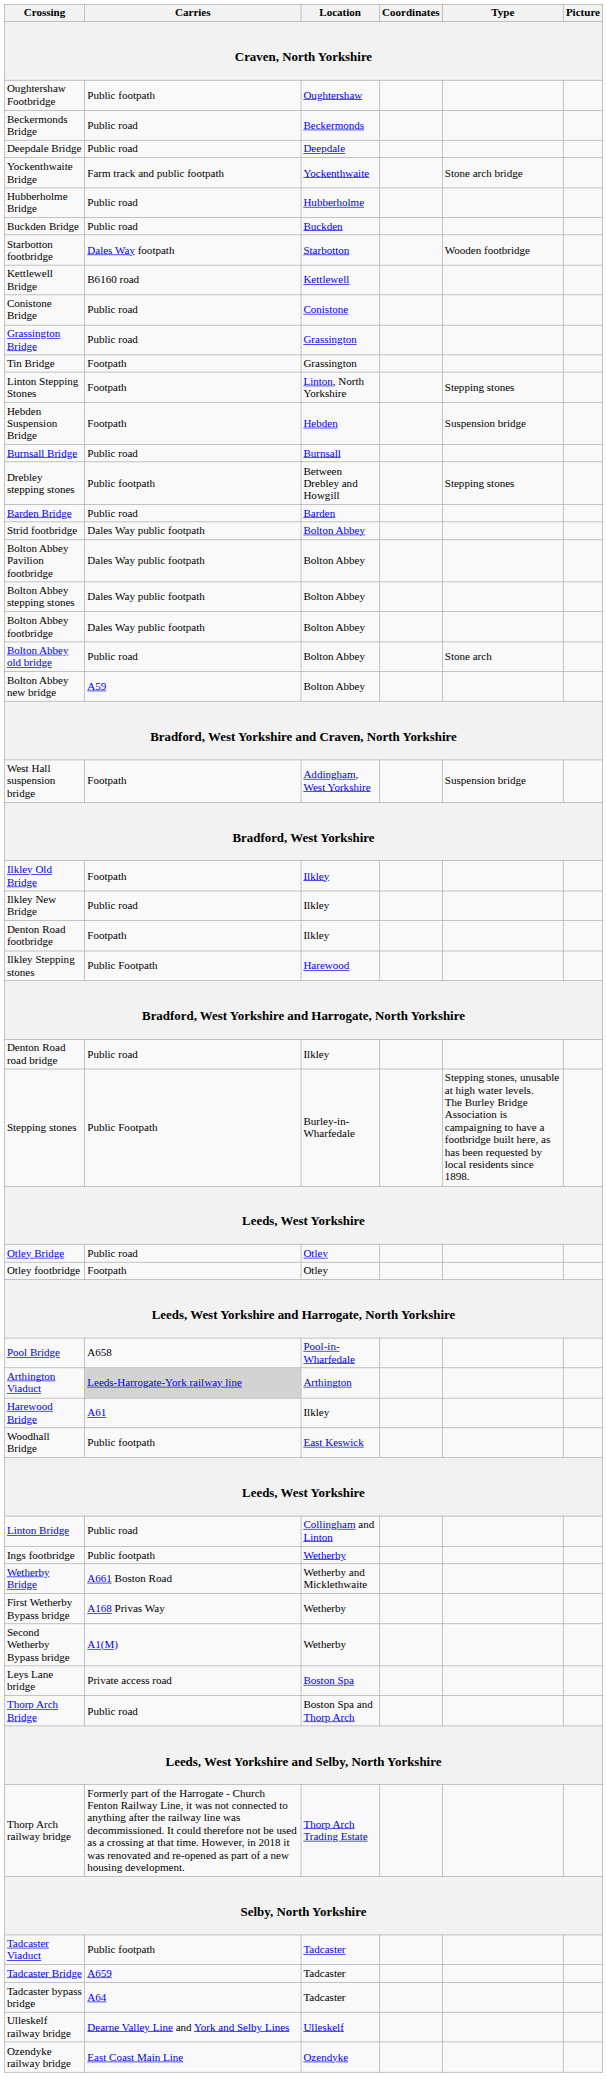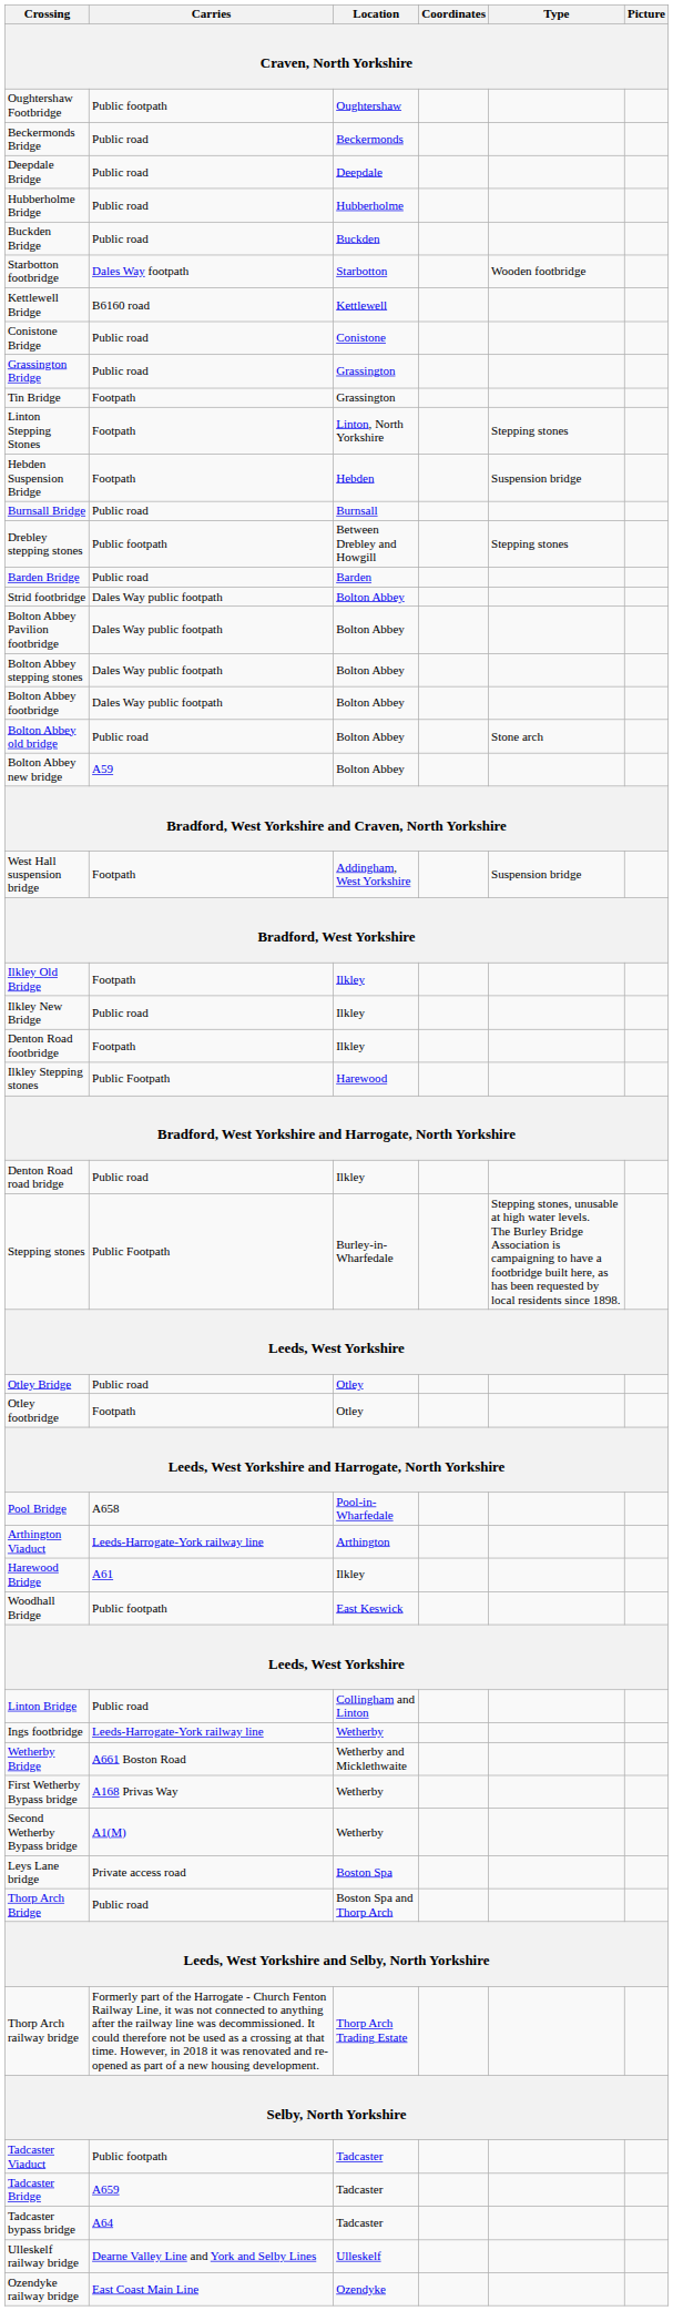 <table class=wikitable>
 <tr>
 <th>Crossing</th>
 <th>Carries</th>
 <th>Location</th>
 <th>Coordinates</th>
 <th>Type</th>
 <th>Picture</th>
 </tr>
 <tr>
 <th colspan=6><br><h3>Craven, North Yorkshire</h3></th>
 </tr>
 <tr>
 <td>Oughtershaw Footbridge</td>
 <td>Public footpath</td>
 <td><a href='#'>Oughtershaw</a></td>
 <td></td>
 <td></td>
 <td></td>
 </tr>
 <tr>
 <td>Beckermonds Bridge</td>
 <td>Public road</td>
 <td><a href='#'>Beckermonds</a></td>
 <td></td>
 <td></td>
 <td></td>
 </tr>
 <tr>
 <td>Deepdale Bridge</td>
 <td>Public road</td>
 <td><a href='#'>Deepdale</a></td>
 <td></td>
 <td></td>
-<td></td>
-</tr>
-<tr>
-<td>Yockenthwaite Bridge</td>
-<td>Farm track and public footpath</td>
-<td><a href='#'>Yockenthwaite</a></td>
-<td></td>
-<td>Stone arch bridge</td>
 <td></td>
 </tr>
 <tr>
 <td>Hubberholme Bridge</td>
 <td>Public road</td>
 <td><a href='#'>Hubberholme</a></td>
 <td></td>
 <td></td>
 <td></td>
 </tr>
 <tr>
 <td>Buckden Bridge</td>
 <td>Public road</td>
 <td><a href='#'>Buckden</a></td>
 <td></td>
 <td></td>
 <td></td>
 </tr>
 <tr>
 <td>Starbotton footbridge</td>
 <td><a href='#'>Dales Way</a> footpath</td>
 <td><a href='#'>Starbotton</a></td>
 <td></td>
 <td>Wooden footbridge</td>
 <td></td>
 </tr>
 <tr>
 <td>Kettlewell Bridge</td>
 <td>B6160 road</td>
 <td><a href='#'>Kettlewell</a></td>
 <td></td>
 <td></td>
 <td></td>
 </tr>
 <tr>
 <td>Conistone Bridge</td>
 <td>Public road</td>
 <td><a href='#'>Conistone</a></td>
 <td></td>
 <td></td>
 <td></td>
 </tr>
 <tr>
 <td><a href='#'>Grassington Bridge</a></td>
 <td>Public road</td>
 <td><a href='#'>Grassington</a></td>
 <td></td>
 <td></td>
 <td></td>
 </tr>
 <tr>
 <td>Tin Bridge</td>
 <td>Footpath</td>
 <td>Grassington</td>
 <td></td>
 <td></td>
 <td></td>
 </tr>
 <tr>
 <td>Linton Stepping Stones</td>
 <td>Footpath</td>
 <td><a href='#'>Linton</a>, North Yorkshire</td>
 <td></td>
 <td>Stepping stones</td>
 <td></td>
 </tr>
 <tr>
 <td>Hebden Suspension Bridge</td>
 <td>Footpath</td>
 <td><a href='#'>Hebden</a></td>
 <td></td>
 <td>Suspension bridge</td>
 <td></td>
 </tr>
 <tr>
 <td><a href='#'>Burnsall Bridge</a></td>
 <td>Public road</td>
 <td><a href='#'>Burnsall</a></td>
 <td></td>
 <td></td>
 <td></td>
 </tr>
 <tr>
 <td>Drebley stepping stones</td>
 <td>Public footpath</td>
 <td>Between Drebley and Howgill</td>
 <td></td>
 <td>Stepping stones</td>
 <td></td>
 </tr>
 <tr>
 <td><a href='#'>Barden Bridge</a></td>
 <td>Public road</td>
 <td><a href='#'>Barden</a></td>
 <td></td>
 <td></td>
 <td></td>
 </tr>
 <tr>
 <td>Strid footbridge</td>
 <td>Dales Way public footpath</td>
 <td><a href='#'>Bolton Abbey</a></td>
 <td></td>
 <td></td>
 <td></td>
 </tr>
 <tr>
 <td>Bolton Abbey Pavilion footbridge</td>
 <td>Dales Way public footpath</td>
 <td>Bolton Abbey</td>
 <td></td>
 <td></td>
 <td></td>
 </tr>
 <tr>
 <td>Bolton Abbey stepping stones</td>
 <td>Dales Way public footpath</td>
 <td>Bolton Abbey</td>
 <td></td>
 <td></td>
 <td></td>
 </tr>
 <tr>
 <td>Bolton Abbey footbridge</td>
 <td>Dales Way public footpath</td>
 <td>Bolton Abbey</td>
 <td></td>
 <td></td>
 <td></td>
 </tr>
 <tr>
 <td><a href='#'>Bolton Abbey old bridge</a></td>
 <td>Public road</td>
 <td>Bolton Abbey</td>
 <td></td>
 <td>Stone arch</td>
 <td></td>
 </tr>
 <tr>
 <td>Bolton Abbey new bridge</td>
 <td><a href='#'>A59</a></td>
 <td>Bolton Abbey</td>
 <td></td>
 <td></td>
 <td></td>
 </tr>
 <tr>
 <th colspan=6><br><h3>Bradford, West Yorkshire and Craven, North Yorkshire</h3></th>
 </tr>
 <tr>
 <td>West Hall suspension bridge</td>
 <td>Footpath</td>
 <td><a href='#'>Addingham</a>, <a href='#'>West Yorkshire</a></td>
 <td></td>
 <td>Suspension bridge</td>
 <td></td>
 </tr>
 <tr>
 <th colspan=6><br><h3>Bradford, West Yorkshire</h3></th>
 </tr>
 <tr>
 <td><a href='#'>Ilkley Old Bridge</a></td>
 <td>Footpath</td>
 <td><a href='#'>Ilkley</a></td>
 <td></td>
 <td></td>
 <td></td>
 </tr>
 <tr>
 <td>Ilkley New Bridge</td>
 <td>Public road</td>
 <td>Ilkley</td>
 <td></td>
 <td></td>
 <td></td>
 </tr>
 <tr>
 <td>Denton Road footbridge</td>
 <td>Footpath</td>
 <td>Ilkley</td>
 <td></td>
 <td></td>
 <td></td>
 </tr>
 <tr>
 <td>Ilkley Stepping stones</td>
 <td>Public Footpath</td>
 <td><a href='#'>Harewood</a></td>
 <td></td>
 <td></td>
 <td></td>
 </tr>
 <tr>
 <th colspan=6><br><h3>Bradford, West Yorkshire and Harrogate, North Yorkshire</h3></th>
 </tr>
 <tr>
 <td>Denton Road road bridge</td>
 <td>Public road</td>
 <td>Ilkley</td>
 <td></td>
 <td></td>
 <td></td>
 </tr>
 <tr>
 <td>Stepping stones</td>
 <td>Public Footpath</td>
 <td>Burley-in-Wharfedale</td>
 <td></td>
 <td>Stepping stones, unusable at high water levels. <br>The Burley Bridge Association is campaigning to have a footbridge built here, as has been requested by local residents since 1898.</td>
 <td></td>
 </tr>
 <tr>
 <th colspan=6><br><h3>Leeds, West Yorkshire</h3></th>
 </tr>
 <tr>
 <td><a href='#'>Otley Bridge</a></td>
 <td>Public road</td>
 <td><a href='#'>Otley</a></td>
 <td></td>
 <td></td>
 <td></td>
 </tr>
 <tr>
 <td>Otley footbridge</td>
 <td>Footpath</td>
 <td>Otley</td>
 <td></td>
 <td></td>
 <td></td>
 </tr>
 <tr>
 <th colspan=6><br><h3>Leeds, West Yorkshire and Harrogate, North Yorkshire</h3></th>
 </tr>
 <tr>
 <td><a href='#'>Pool Bridge</a></td>
 <td>A658</td>
 <td><a href='#'>Pool-in-Wharfedale</a></td>
 <td></td>
 <td></td>
 <td></td>
 </tr>
 <tr>
 <td><a href='#'>Arthington Viaduct</a></td>
-<td style="background: lightgrey;"><a href='#'>Leeds-Harrogate-York railway line</a></td>
+<td><a href='#'>Leeds-Harrogate-York railway line</a></td>
 <td><a href='#'>Arthington</a></td>
 <td></td>
 <td></td>
 <td></td>
 </tr>
 <tr>
 <td><a href='#'>Harewood Bridge</a></td>
 <td><a href='#'>A61</a></td>
 <td>Ilkley</td>
 <td></td>
 <td></td>
 <td></td>
 </tr>
 <tr>
 <td>Woodhall Bridge</td>
 <td>Public footpath</td>
 <td><a href='#'>East Keswick</a></td>
 <td></td>
 <td></td>
 <td></td>
 </tr>
 <tr>
 <th colspan=6><br><h3>Leeds, West Yorkshire</h3></th>
 </tr>
 <tr>
 <td><a href='#'>Linton Bridge</a></td>
 <td>Public road</td>
 <td><a href='#'>Collingham</a> and <a href='#'>Linton</a></td>
 <td></td>
 <td></td>
 <td></td>
 </tr>
 <tr>
 <td>Ings footbridge</td>
-<td>Public footpath</td>
+<td><a href='#'>Leeds-Harrogate-York railway line</a></td>
 <td><a href='#'>Wetherby</a></td>
 <td></td>
 <td></td>
 <td></td>
 </tr>
 <tr>
 <td><a href='#'>Wetherby Bridge</a></td>
 <td><a href='#'>A661</a> Boston Road</td>
 <td>Wetherby and Micklethwaite</td>
 <td></td>
 <td></td>
 <td></td>
 </tr>
 <tr>
 <td>First Wetherby Bypass bridge</td>
 <td><a href='#'>A168</a> Privas Way</td>
 <td>Wetherby</td>
 <td></td>
 <td></td>
 <td></td>
 </tr>
 <tr>
 <td>Second Wetherby Bypass bridge</td>
 <td><a href='#'>A1(M)</a></td>
 <td>Wetherby</td>
 <td></td>
 <td></td>
 <td></td>
 </tr>
 <tr>
 <td>Leys Lane bridge</td>
 <td>Private access road</td>
 <td><a href='#'>Boston Spa</a></td>
 <td></td>
 <td></td>
 <td></td>
 </tr>
 <tr>
 <td><a href='#'>Thorp Arch Bridge</a></td>
 <td>Public road</td>
 <td>Boston Spa and <a href='#'>Thorp Arch</a></td>
 <td></td>
 <td></td>
 <td></td>
 </tr>
 <tr>
 <th colspan=6><br><h3>Leeds, West Yorkshire and Selby, North Yorkshire</h3></th>
 </tr>
 <tr>
 <td>Thorp Arch railway bridge</td>
 <td>Formerly part of the Harrogate - Church Fenton Railway Line, it was not connected to anything after the railway line was decommissioned. It could therefore not be used as a crossing at that time. However, in 2018 it was renovated and re-opened as part of a new housing development.</td>
 <td><a href='#'>Thorp Arch Trading Estate</a></td>
 <td></td>
 <td></td>
 <td></td>
 </tr>
 <tr>
 <th colspan=6><br><h3>Selby, North Yorkshire</h3></th>
 </tr>
 <tr>
 <td><a href='#'>Tadcaster Viaduct</a></td>
 <td>Public footpath</td>
 <td><a href='#'>Tadcaster</a></td>
 <td></td>
 <td></td>
 <td></td>
 </tr>
 <tr>
 <td><a href='#'>Tadcaster Bridge</a></td>
 <td><a href='#'>A659</a><br></td>
 <td>Tadcaster</td>
 <td></td>
 <td></td>
 <td></td>
 </tr>
 <tr>
 <td>Tadcaster bypass bridge</td>
 <td><a href='#'>A64</a></td>
 <td>Tadcaster</td>
 <td></td>
 <td></td>
 <td></td>
 </tr>
 <tr>
 <td>Ulleskelf railway bridge</td>
 <td><a href='#'>Dearne Valley Line</a> and <a href='#'>York and Selby Lines</a></td>
 <td><a href='#'>Ulleskelf</a></td>
 <td></td>
 <td></td>
 <td></td>
 </tr>
 <tr>
 <td>Ozendyke railway bridge</td>
 <td><a href='#'>East Coast Main Line</a></td>
 <td><a href='#'>Ozendyke</a></td>
 <td></td>
 <td></td>
 <td></td>
 </tr>
 </table>
